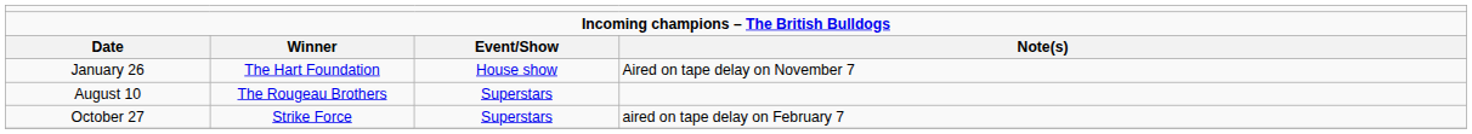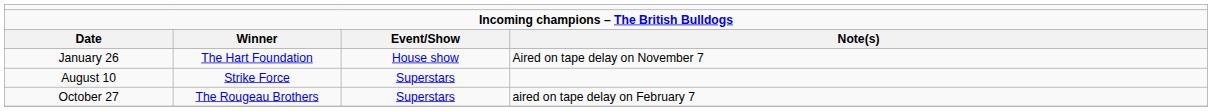 <table class="wikitable" style="text-align:center; width:100%;">
 <tr>
 <td colspan="5"></td>
 </tr>
 <tr>
 <td colspan="5"><strong>Incoming champions – <a href='#'>The British Bulldogs</a> </strong></td>
 </tr>
 <tr>
 <th width=14%>Date</th>
 <th width=14%>Winner</th>
 <th width=14%>Event/Show</th>
 <th width=58%>Note(s)</th>
 </tr>
 <tr>
 <td>January 26</td>
 <td><a href='#'>The Hart Foundation</a><br></td>
 <td><a href='#'>House show</a></td>
 <td align=left>Aired on tape delay on November 7</td>
 </tr>
 <tr>
 <td>August 10</td>
-<td><a href='#'>The Rougeau Brothers</a><br></td>
+<td><a href='#'>Strike Force</a><br></td>
 <td><a href='#'>Superstars</a></td>
 <td align=left></td>
 </tr>
 <tr>
 <td>October 27</td>
-<td><a href='#'>Strike Force</a><br></td>
+<td><a href='#'>The Rougeau Brothers</a><br></td>
 <td><a href='#'>Superstars</a></td>
 <td align=left>aired on tape delay on February 7</td>
 </tr>
 <tr>
 </tr>
 </table>
